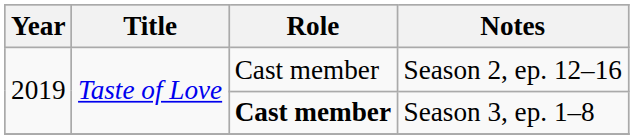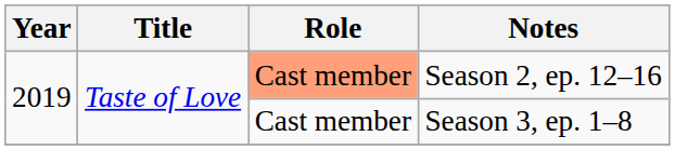 <table class="wikitable sortable plainrowheaders">
 <tr>
 <th scope="col">Year</th>
 <th scope="col">Title</th>
 <th scope="col">Role</th>
 <th scope="col" class="unsortable">Notes</th>
 </tr>
 <tr>
 <td rowspan=2>2019</td>
 <td rowspan=2><em><a href='#'>Taste of Love</a></em></td>
-<td>Cast member</td>
+<td style="background: lightsalmon;">Cast member</td>
 <td>Season 2, ep. 12–16</td>
 </tr>
 <tr>
-<td><strong>Cast member</strong></td>
+<td>Cast member</td>
 <td>Season 3, ep. 1–8</td>
 </tr>
 <tr>
 </tr>
 </table>
